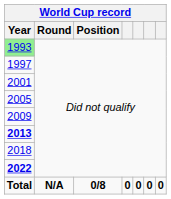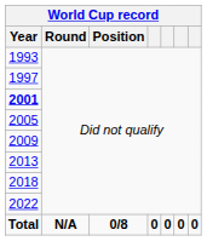 <table class="wikitable" style="text-align: center;">
 <tr>
 <th colspan=10><a href='#'>World Cup record</a></th>
 </tr>
 <tr>
 <th>Year</th>
 <th>Round</th>
 <th>Position</th>
 <th></th>
 <th></th>
 <th></th>
 <th></th>
 </tr>
 <tr>
-<td style="background: lightgreen;"> <a href='#'>1993</a></td>
+<td> <a href='#'>1993</a></td>
 <td colspan="6" rowspan=8><em>Did not qualify</em></td>
 </tr>
 <tr>
 <td> <a href='#'>1997</a></td>
 </tr>
 <tr>
-<td> <a href='#'>2001</a></td>
+<td><strong> <a href='#'>2001</a></strong></td>
 </tr>
 <tr>
 <td> <a href='#'>2005</a></td>
 </tr>
 <tr>
 <td> <a href='#'>2009</a></td>
 </tr>
 <tr>
-<td><strong> <a href='#'>2013</a></strong></td>
+<td> <a href='#'>2013</a></td>
 </tr>
 <tr>
 <td> <a href='#'>2018</a></td>
 </tr>
 <tr>
-<td><strong> <a href='#'>2022</a></strong></td>
+<td> <a href='#'>2022</a></td>
 </tr>
 <tr>
 <td colspan=1><strong>Total</strong></td>
 <td><strong>N/A</strong></td>
 <td><strong>0/8</strong></td>
 <td><strong>0</strong></td>
 <td><strong>0</strong></td>
 <td><strong>0</strong></td>
 <td><strong>0</strong></td>
 </tr>
 </table>
